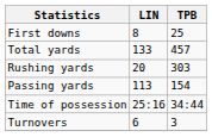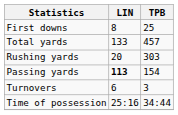 <table class="wikitable" style="float: left;">
 <tr>
 <th>Statistics</th>
 <th>LIN</th>
 <th>TPB</th>
 </tr>
 <tr>
 <td>First downs</td>
 <td>8</td>
 <td>25</td>
 </tr>
 <tr>
 <td>Total yards</td>
 <td>133</td>
 <td>457</td>
 </tr>
 <tr>
 <td>Rushing yards</td>
 <td>20</td>
 <td>303</td>
 </tr>
 <tr>
 <td>Passing yards</td>
-<td>113</td>
+<td><strong>113</strong></td>
 <td>154</td>
+</tr>
+<tr>
+<td>Turnovers</td>
+<td>6</td>
+<td>3</td>
 </tr>
 <tr>
 <td>Time of possession</td>
 <td>25:16</td>
 <td>34:44</td>
 </tr>
 <tr>
-<td>Turnovers</td>
-<td>6</td>
-<td>3</td>
-</tr>
-<tr>
 </tr>
 </table>
